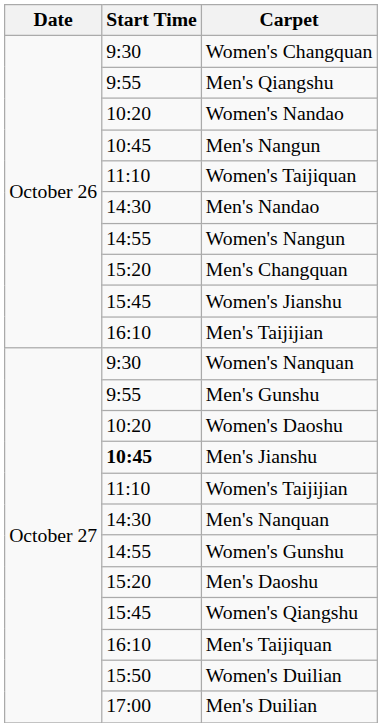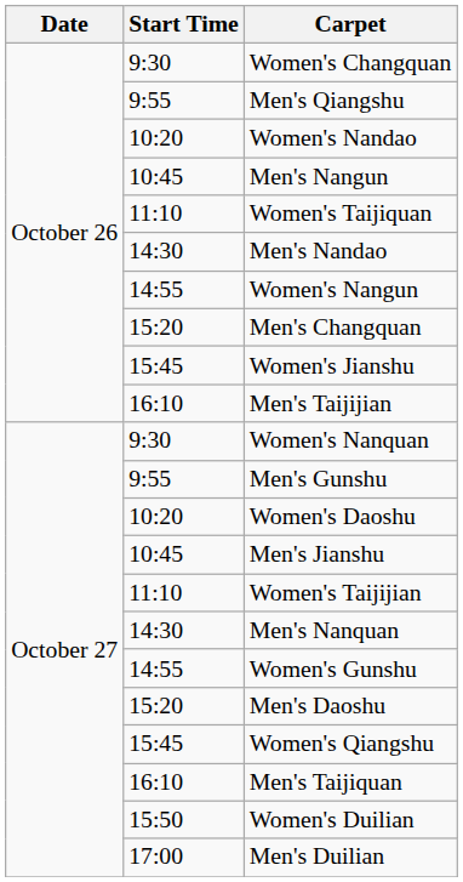 <table class="wikitable">
 <tr>
 <th>Date</th>
 <th>Start Time</th>
 <th>Carpet</th>
 </tr>
 <tr>
 <td rowspan="10">October 26</td>
 <td>9:30</td>
 <td>Women's Changquan</td>
 </tr>
 <tr>
 <td>9:55</td>
 <td>Men's Qiangshu</td>
 </tr>
 <tr>
 <td>10:20</td>
 <td>Women's Nandao</td>
 </tr>
 <tr>
 <td>10:45</td>
 <td>Men's Nangun</td>
 </tr>
 <tr>
 <td>11:10</td>
 <td>Women's Taijiquan</td>
 </tr>
 <tr>
 <td>14:30</td>
 <td>Men's Nandao</td>
 </tr>
 <tr>
 <td>14:55</td>
 <td>Women's Nangun</td>
 </tr>
 <tr>
 <td>15:20</td>
 <td>Men's Changquan</td>
 </tr>
 <tr>
 <td>15:45</td>
 <td>Women's Jianshu</td>
 </tr>
 <tr>
 <td>16:10</td>
 <td>Men's Taijijian</td>
 </tr>
 <tr>
 <td rowspan="12">October 27</td>
 <td>9:30</td>
 <td>Women's Nanquan</td>
 </tr>
 <tr>
 <td>9:55</td>
 <td>Men's Gunshu</td>
 </tr>
 <tr>
 <td>10:20</td>
 <td>Women's Daoshu</td>
 </tr>
 <tr>
-<td><strong>10:45</strong></td>
+<td>10:45</td>
 <td>Men's Jianshu</td>
 </tr>
 <tr>
 <td>11:10</td>
 <td>Women's Taijijian</td>
 </tr>
 <tr>
 <td>14:30</td>
 <td>Men's Nanquan</td>
 </tr>
 <tr>
 <td>14:55</td>
 <td>Women's Gunshu</td>
 </tr>
 <tr>
 <td>15:20</td>
 <td>Men's Daoshu</td>
 </tr>
 <tr>
 <td>15:45</td>
 <td>Women's Qiangshu</td>
 </tr>
 <tr>
 <td>16:10</td>
 <td>Men's Taijiquan</td>
 </tr>
 <tr>
 <td>15:50</td>
 <td>Women's Duilian</td>
 </tr>
 <tr>
 <td>17:00</td>
 <td>Men's Duilian</td>
 </tr>
 </table>
